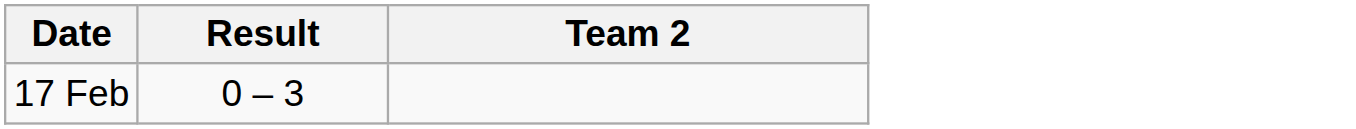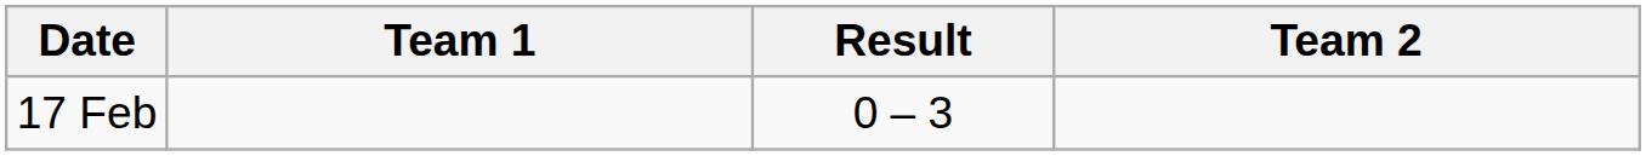 <table class="wikitable">
 <tr>
 <th width=50>Date</th>
+<th width=200>Team 1</th>
 <th width=100 style="text-align:center;">Result</th>
 <th width=200>Team 2</th>
 </tr>
 <tr>
 <td>17 Feb</td>
+<td style="text-align:center;"></td>
 <td style="text-align:center;">0 – 3</td>
 <td style="text-align:center;"><strong></strong></td>
 </tr>
 </table>
